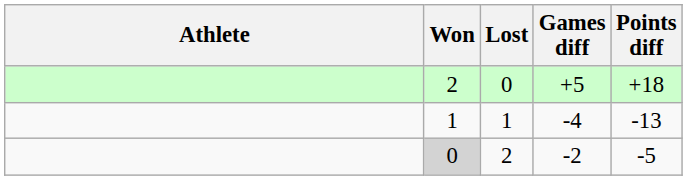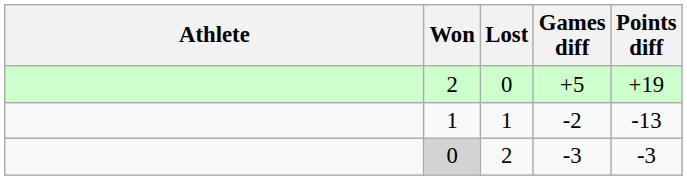 <table class="wikitable">
 <tr>
 <th style="width:18em">Athlete</th>
 <th>Won</th>
 <th>Lost</th>
 <th>Games<br>diff</th>
 <th>Points<br>diff</th>
 </tr>
 <tr bgcolor="#ccffcc">
 <td></td>
 <td align="center">2</td>
 <td align="center">0</td>
 <td align="center">+5</td>
-<td align="center">+18</td>
+<td align="center">+19</td>
 </tr>
 <tr>
 <td></td>
 <td align="center">1</td>
 <td align="center">1</td>
-<td align="center">-4</td>
+<td align="center">-2</td>
 <td align="center">-13</td>
 </tr>
 <tr>
 <td></td>
 <td align="center" style="background: lightgrey;">0</td>
 <td align="center">2</td>
-<td align="center">-2</td>
-<td align="center">-5</td>
+<td align="center">-3</td>
+<td align="center">-3</td>
 </tr>
 </table>
